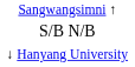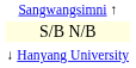 <table style="text-align:center;">
 <tr>
 <td><small><a href='#'>Sangwangsimni</a> ↑</small></td>
 </tr>
 <tr>
-<td><span>S/B</span>   <span>N/B</span></td>
+<td style="background: lightyellow;"><span>S/B</span>   <span>N/B</span></td>
 </tr>
 <tr>
 <td><small>↓ <a href='#'>Hanyang University</a></small></td>
 </tr>
 </table>
